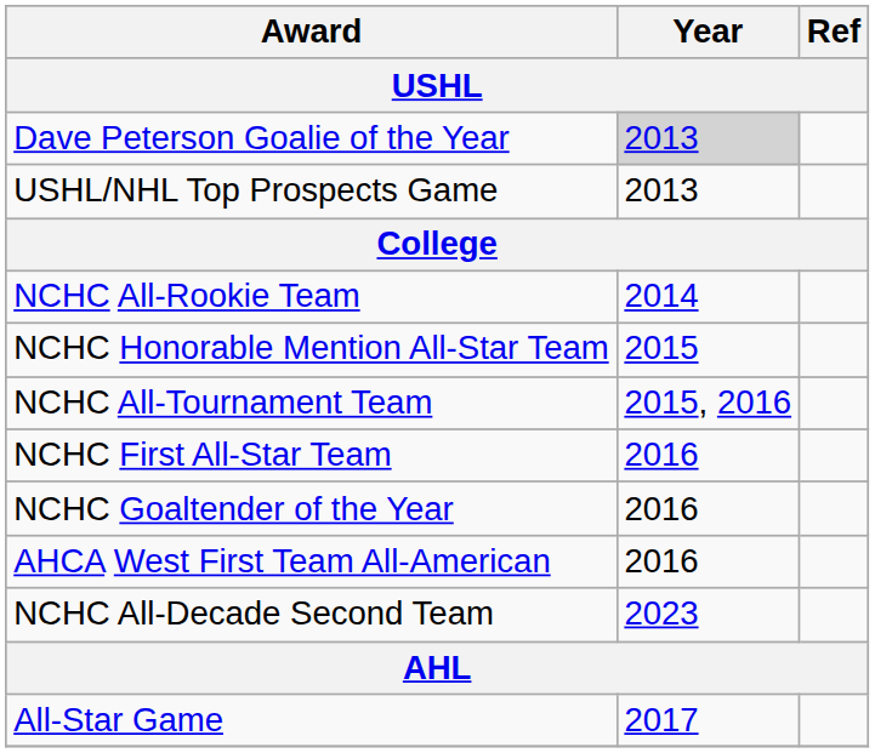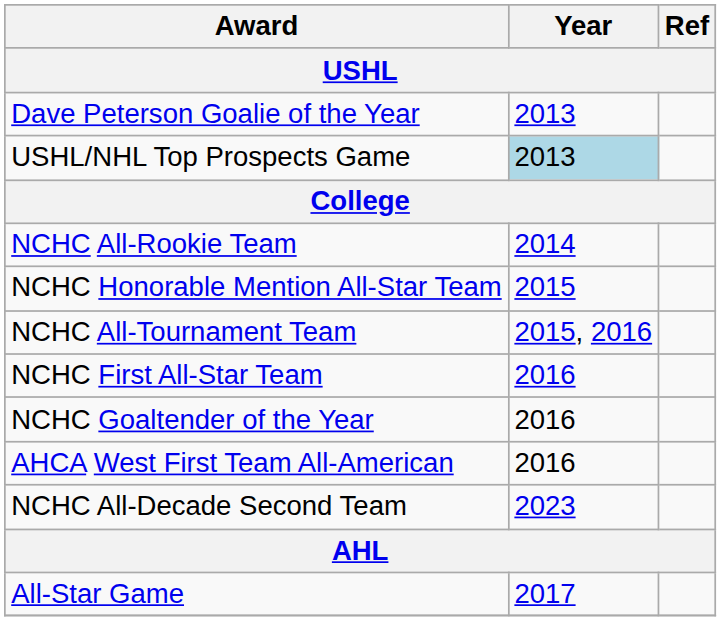 <table class="wikitable">
 <tr>
 <th>Award</th>
 <th>Year</th>
 <th>Ref</th>
 </tr>
 <tr>
 <th colspan="3"><a href='#'>USHL</a></th>
 </tr>
 <tr>
 <td><a href='#'>Dave Peterson Goalie of the Year</a></td>
-<td style="background: lightgrey;"><a href='#'>2013</a></td>
+<td><a href='#'>2013</a></td>
 <td></td>
 </tr>
 <tr>
 <td>USHL/NHL Top Prospects Game</td>
-<td>2013</td>
+<td style="background: lightblue;">2013</td>
 <td></td>
 </tr>
 <tr>
 <th colspan="3"><a href='#'>College</a></th>
 </tr>
 <tr>
 <td><a href='#'>NCHC</a> <a href='#'>All-Rookie Team</a></td>
 <td><a href='#'>2014</a></td>
 <td></td>
 </tr>
 <tr>
 <td>NCHC <a href='#'>Honorable Mention All-Star Team</a></td>
 <td><a href='#'>2015</a></td>
 <td></td>
 </tr>
 <tr>
 <td>NCHC <a href='#'>All-Tournament Team</a></td>
 <td><a href='#'>2015</a>, <a href='#'>2016</a></td>
 <td></td>
 </tr>
 <tr>
 <td>NCHC <a href='#'>First All-Star Team</a></td>
 <td><a href='#'>2016</a></td>
 <td></td>
 </tr>
 <tr>
 <td>NCHC <a href='#'>Goaltender of the Year</a></td>
 <td>2016</td>
 <td></td>
 </tr>
 <tr>
 <td><a href='#'>AHCA</a> <a href='#'>West First Team All-American</a></td>
 <td>2016</td>
 <td></td>
 </tr>
 <tr>
 <td>NCHC All-Decade Second Team</td>
 <td><a href='#'>2023</a></td>
 <td></td>
 </tr>
 <tr>
 <th colspan="3"><a href='#'>AHL</a></th>
 </tr>
 <tr>
 <td><a href='#'>All-Star Game</a></td>
 <td><a href='#'>2017</a></td>
 <td></td>
 </tr>
 <tr>
 </tr>
 </table>
